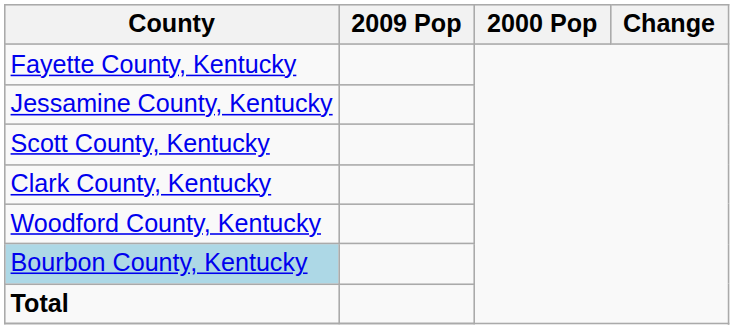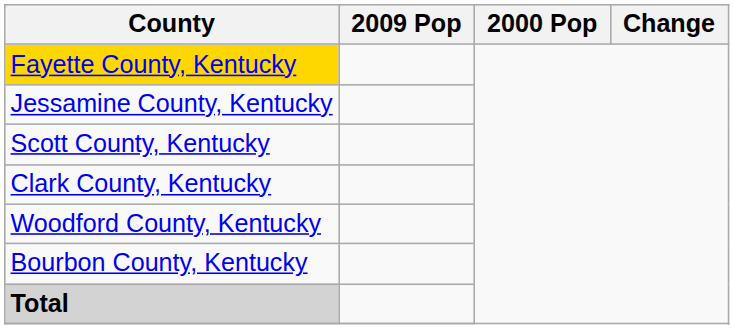 <table class=wikitable>
 <tr>
 <th>County</th>
 <th> 2009 Pop </th>
 <th> 2000 Pop </th>
 <th> Change </th>
 </tr>
 <tr>
-<td><a href='#'>Fayette County, Kentucky</a></td>
+<td style="background: gold;"><a href='#'>Fayette County, Kentucky</a></td>
 <td></td>
 </tr>
 <tr>
 <td><a href='#'>Jessamine County, Kentucky</a></td>
 <td></td>
 </tr>
 <tr>
 <td><a href='#'>Scott County, Kentucky</a></td>
 <td></td>
 </tr>
 <tr>
 <td><a href='#'>Clark County, Kentucky</a></td>
 <td></td>
 </tr>
 <tr>
 <td><a href='#'>Woodford County, Kentucky</a></td>
 <td></td>
 </tr>
 <tr>
-<td style="background: lightblue;"><a href='#'>Bourbon County, Kentucky</a></td>
+<td><a href='#'>Bourbon County, Kentucky</a></td>
 <td></td>
 </tr>
 <tr>
-<td><strong>Total</strong></td>
+<td style="background: lightgrey;"><strong>Total</strong></td>
 <td></td>
 </tr>
 <tr>
 </tr>
 </table>
